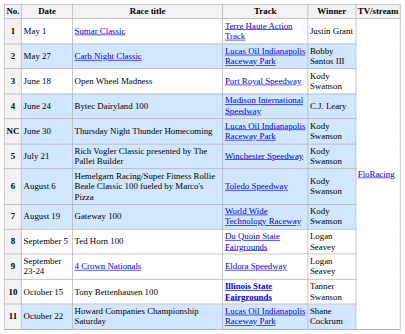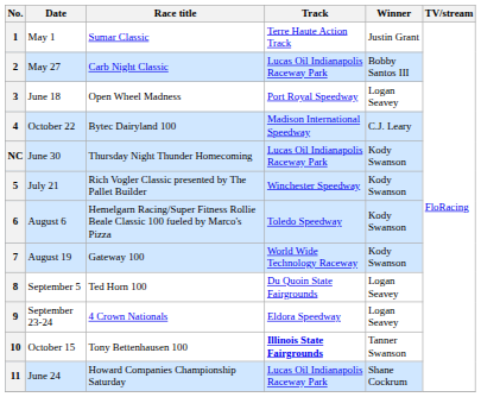 <table class="wikitable" style="font-size:85%;">
 <tr>
 <th>No.</th>
 <th>Date</th>
 <th>Race title</th>
 <th>Track</th>
 <th>Winner</th>
 <th>TV/stream</th>
 </tr>
 <tr style="background:white;">
 <th>1</th>
 <td>May 1</td>
 <td><a href='#'>Sumar Classic</a></td>
 <td><a href='#'>Terre Haute Action Track</a></td>
 <td>Justin Grant</td>
 <td rowspan=12><a href='#'>FloRacing</a></td>
 </tr>
 <tr style="background:#D0E7FF">
 <th>2</th>
 <td>May 27</td>
 <td><a href='#'>Carb Night Classic</a></td>
 <td><a href='#'>Lucas Oil Indianapolis Raceway Park</a></td>
 <td>Bobby Santos III</td>
 </tr>
 <tr style="background:white;">
 <th>3</th>
 <td>June 18</td>
 <td>Open Wheel Madness</td>
 <td><a href='#'>Port Royal Speedway</a></td>
-<td>Kody Swanson</td>
+<td>Logan Seavey</td>
 </tr>
 <tr style="background:#D0E7FF">
 <th>4</th>
-<td>June 24</td>
+<td>October 22</td>
 <td>Bytec Dairyland 100</td>
 <td><a href='#'>Madison International Speedway</a></td>
 <td>C.J. Leary</td>
 </tr>
 <tr style="background:#D0E7FF">
 <th>NC</th>
 <td>June 30</td>
 <td>Thursday Night Thunder Homecoming</td>
 <td><a href='#'>Lucas Oil Indianapolis Raceway Park</a></td>
 <td>Kody Swanson</td>
 </tr>
 <tr style="background:#D0E7FF">
 <th>5</th>
 <td>July 21</td>
 <td>Rich Vogler Classic presented by The Pallet Builder</td>
 <td><a href='#'>Winchester Speedway</a></td>
 <td>Kody Swanson</td>
 </tr>
 <tr style="background:#D0E7FF">
 <th>6</th>
 <td>August 6</td>
 <td>Hemelgarn Racing/Super Fitness Rollie Beale Classic 100 fueled by Marco's Pizza</td>
 <td><a href='#'>Toledo Speedway</a></td>
 <td>Kody Swanson</td>
 </tr>
 <tr style="background:#D0E7FF">
 <th>7</th>
 <td>August 19</td>
 <td>Gateway 100</td>
 <td><a href='#'>World Wide Technology Raceway</a></td>
 <td>Kody Swanson</td>
 </tr>
 <tr style="background:white;">
 <th>8</th>
 <td>September 5</td>
 <td>Ted Horn 100</td>
 <td><a href='#'>Du Quoin State Fairgrounds</a></td>
 <td>Logan Seavey</td>
 </tr>
 <tr style="background:white;">
 <th>9</th>
 <td>September 23-24</td>
 <td><a href='#'>4 Crown Nationals</a></td>
 <td><a href='#'>Eldora Speedway</a></td>
 <td>Logan Seavey</td>
 </tr>
 <tr style="background:white;">
 <th>10</th>
 <td>October 15</td>
 <td>Tony Bettenhausen 100</td>
 <td><strong><a href='#'>Illinois State Fairgrounds</a></strong></td>
 <td>Tanner Swanson</td>
 </tr>
 <tr style="background:#D0E7FF">
 <th>11</th>
-<td>October 22</td>
+<td>June 24</td>
 <td>Howard Companies Championship Saturday</td>
 <td><a href='#'>Lucas Oil Indianapolis Raceway Park</a></td>
 <td>Shane Cockrum</td>
 </tr>
 <tr>
 </tr>
 </table>
